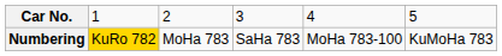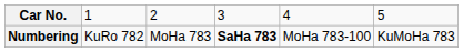 <table class="wikitable">
 <tr>
 <th>Car No.</th>
 <td>1</td>
 <td>2</td>
 <td>3</td>
 <td>4</td>
 <td>5</td>
 </tr>
 <tr>
 <th>Numbering</th>
-<td style="background: gold;">KuRo 782</td>
+<td>KuRo 782</td>
 <td>MoHa 783</td>
-<td>SaHa 783</td>
+<td><strong>SaHa 783</strong></td>
 <td>MoHa 783-100</td>
 <td>KuMoHa 783</td>
 </tr>
 </table>
